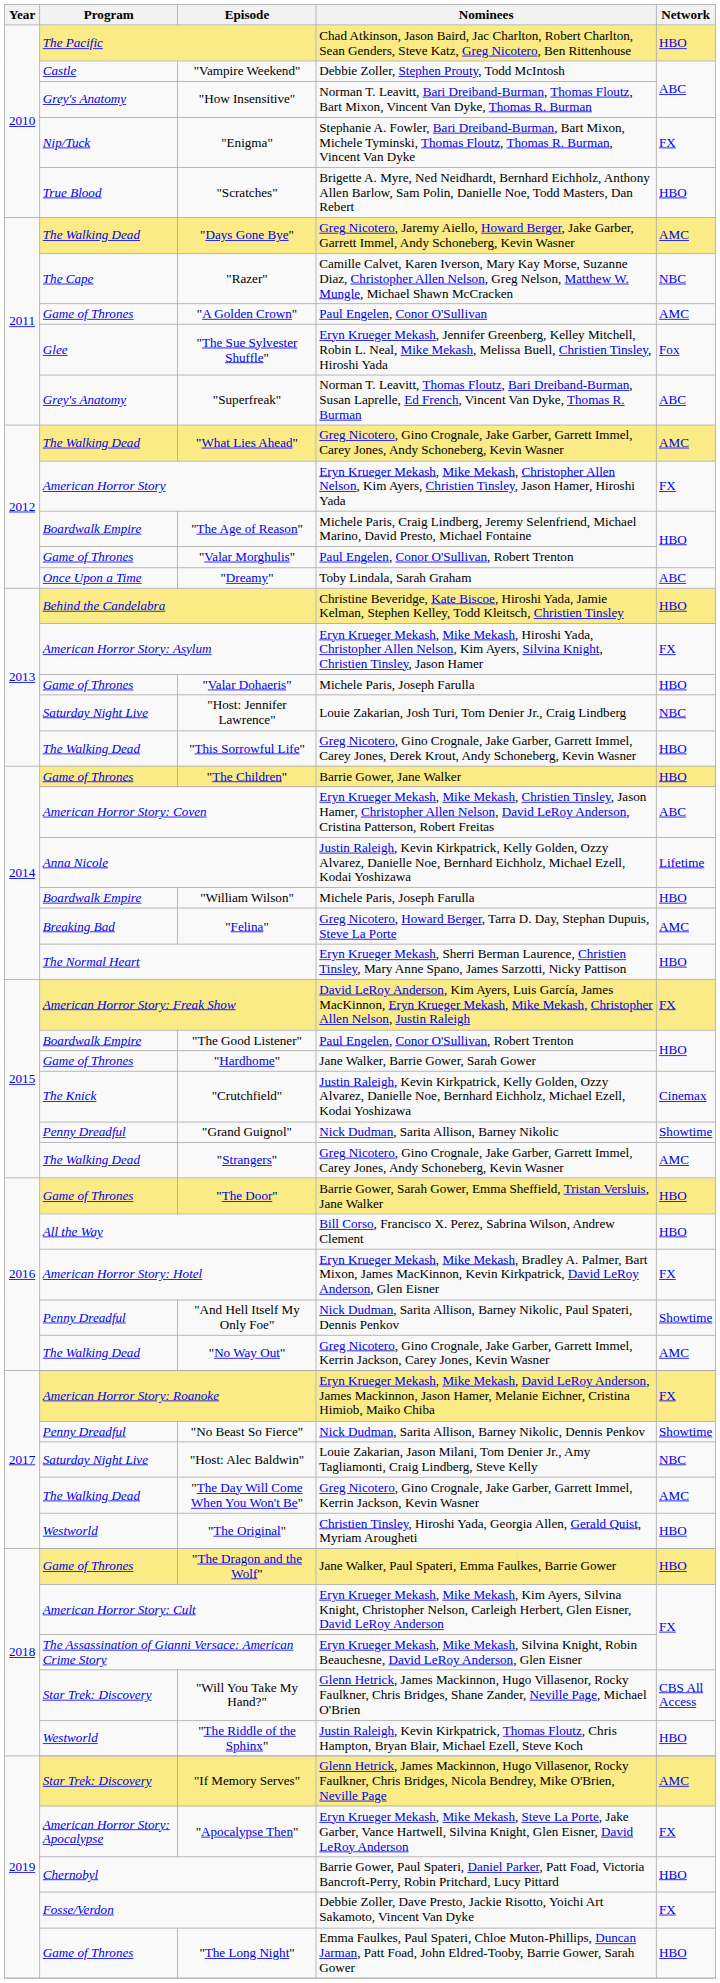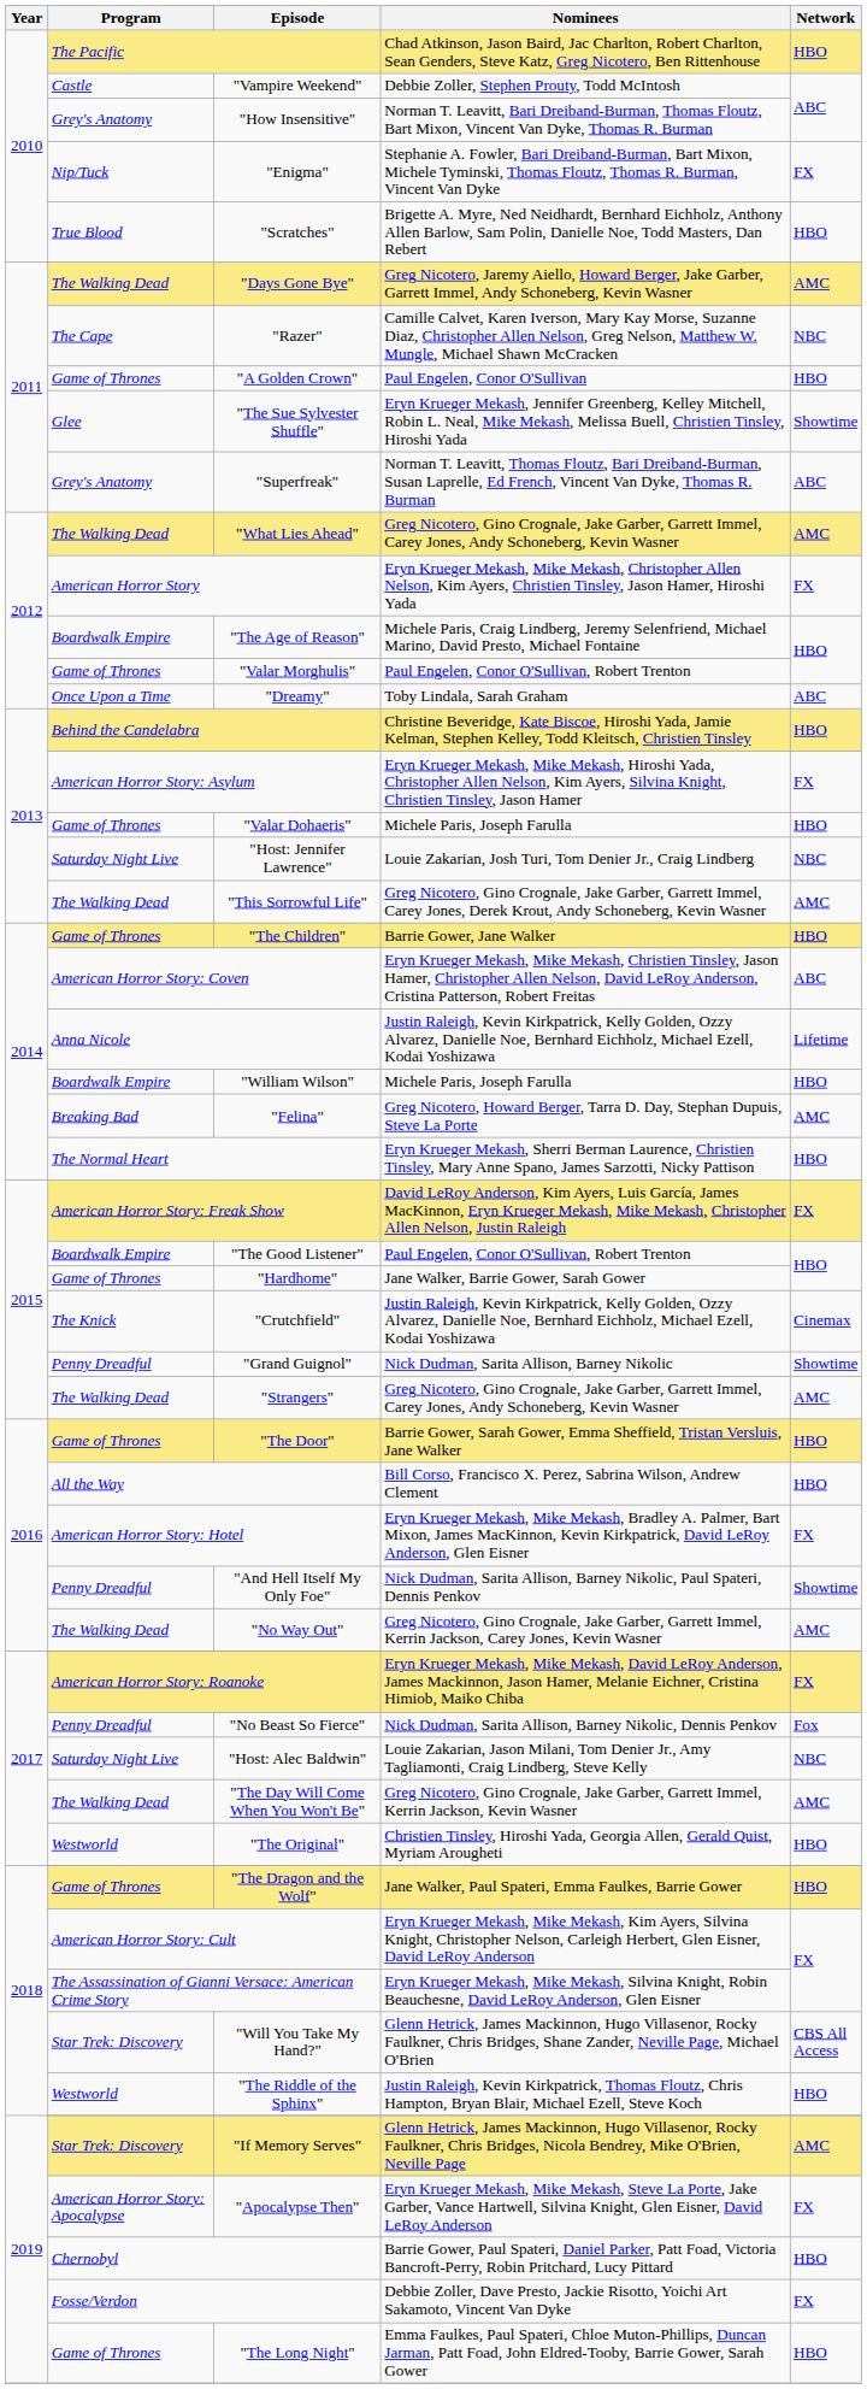 <table class="wikitable">
 <tr>
 <th width="5%">Year</th>
 <th width="20%">Program</th>
 <th width="20%">Episode</th>
 <th width="50%">Nominees</th>
 <th width="5%">Network</th>
 </tr>
 <tr>
 <td rowspan=5 style="text-align:center"><a href='#'>2010</a><br></td>
 <td style="background:#FAEB86;" colspan=2><em><a href='#'>The Pacific</a></em></td>
 <td style="background:#FAEB86;">Chad Atkinson, Jason Baird, Jac Charlton, Robert Charlton, Sean Genders, Steve Katz, <a href='#'>Greg Nicotero</a>, Ben Rittenhouse</td>
 <td style="background:#FAEB86;"><a href='#'>HBO</a></td>
 </tr>
 <tr>
 <td><em><a href='#'>Castle</a></em></td>
 <td align=center>"Vampire Weekend"</td>
 <td>Debbie Zoller, <a href='#'>Stephen Prouty</a>, Todd McIntosh</td>
 <td rowspan=2><a href='#'>ABC</a></td>
 </tr>
 <tr>
 <td><em><a href='#'>Grey's Anatomy</a></em></td>
 <td align=center>"How Insensitive"</td>
 <td>Norman T. Leavitt, <a href='#'>Bari Dreiband-Burman</a>, <a href='#'>Thomas Floutz</a>, Bart Mixon, Vincent Van Dyke, <a href='#'>Thomas R. Burman</a></td>
 </tr>
 <tr>
 <td><em><a href='#'>Nip/Tuck</a></em></td>
 <td align=center>"Enigma"</td>
 <td>Stephanie A. Fowler, <a href='#'>Bari Dreiband-Burman</a>, Bart Mixon, Michele Tyminski, <a href='#'>Thomas Floutz</a>, <a href='#'>Thomas R. Burman</a>, Vincent Van Dyke</td>
 <td><a href='#'>FX</a></td>
 </tr>
 <tr>
 <td><em><a href='#'>True Blood</a></em></td>
 <td align=center>"Scratches"</td>
 <td>Brigette A. Myre, Ned Neidhardt, Bernhard Eichholz, Anthony Allen Barlow, Sam Polin, Danielle Noe, Todd Masters, Dan Rebert</td>
 <td><a href='#'>HBO</a></td>
 </tr>
 <tr>
 <td rowspan="5" style="text-align:center;"><a href='#'>2011</a><br></td>
 <td style="background:#FAEB86;"><em><a href='#'>The Walking Dead</a></em></td>
 <td style="background:#FAEB86;" align=center>"<a href='#'>Days Gone Bye</a>"</td>
 <td style="background:#FAEB86;"><a href='#'>Greg Nicotero</a>, Jaremy Aiello, <a href='#'>Howard Berger</a>, Jake Garber, Garrett Immel, Andy Schoneberg, Kevin Wasner</td>
 <td style="background:#FAEB86;"><a href='#'>AMC</a></td>
 </tr>
 <tr>
 <td><em><a href='#'>The Cape</a></em></td>
 <td align=center>"Razer"</td>
 <td>Camille Calvet, Karen Iverson, Mary Kay Morse, Suzanne Diaz, <a href='#'>Christopher Allen Nelson</a>, Greg Nelson, <a href='#'>Matthew W. Mungle</a>, Michael Shawn McCracken</td>
 <td><a href='#'>NBC</a></td>
 </tr>
 <tr>
 <td><em><a href='#'>Game of Thrones</a></em></td>
 <td align=center>"<a href='#'>A Golden Crown</a>"</td>
 <td><a href='#'>Paul Engelen</a>, <a href='#'>Conor O'Sullivan</a></td>
-<td><a href='#'>AMC</a></td>
+<td><a href='#'>HBO</a></td>
 </tr>
 <tr>
 <td><em><a href='#'>Glee</a></em></td>
 <td align=center>"<a href='#'>The Sue Sylvester Shuffle</a>"</td>
 <td><a href='#'>Eryn Krueger Mekash</a>, Jennifer Greenberg, Kelley Mitchell, Robin L. Neal, <a href='#'>Mike Mekash</a>, Melissa Buell, <a href='#'>Christien Tinsley</a>, Hiroshi Yada</td>
-<td><a href='#'>Fox</a></td>
+<td><a href='#'>Showtime</a></td>
 </tr>
 <tr>
 <td><em><a href='#'>Grey's Anatomy</a></em></td>
 <td align=center>"Superfreak"</td>
 <td>Norman T. Leavitt, <a href='#'>Thomas Floutz</a>, <a href='#'>Bari Dreiband-Burman</a>, Susan Laprelle, <a href='#'>Ed French</a>, Vincent Van Dyke, <a href='#'>Thomas R. Burman</a></td>
 <td><a href='#'>ABC</a></td>
 </tr>
 <tr>
 <td rowspan="5" style="text-align:center;"><a href='#'>2012</a><br></td>
 <td style="background:#FAEB86;"><em><a href='#'>The Walking Dead</a></em></td>
 <td style="background:#FAEB86;" align=center>"<a href='#'>What Lies Ahead</a>"</td>
 <td style="background:#FAEB86;"><a href='#'>Greg Nicotero</a>, Gino Crognale, Jake Garber, Garrett Immel, Carey Jones, Andy Schoneberg, Kevin Wasner</td>
 <td style="background:#FAEB86;"><a href='#'>AMC</a></td>
 </tr>
 <tr>
 <td colspan=2><em><a href='#'>American Horror Story</a></em></td>
 <td><a href='#'>Eryn Krueger Mekash</a>, <a href='#'>Mike Mekash</a>, <a href='#'>Christopher Allen Nelson</a>, Kim Ayers, <a href='#'>Christien Tinsley</a>, Jason Hamer, Hiroshi Yada</td>
 <td><a href='#'>FX</a></td>
 </tr>
 <tr>
 <td><em><a href='#'>Boardwalk Empire</a></em></td>
 <td align=center>"<a href='#'>The Age of Reason</a>"</td>
 <td>Michele Paris, Craig Lindberg, Jeremy Selenfriend, Michael Marino, David Presto, Michael Fontaine</td>
 <td rowspan=2><a href='#'>HBO</a></td>
 </tr>
 <tr>
 <td><em><a href='#'>Game of Thrones</a></em></td>
 <td align=center>"<a href='#'>Valar Morghulis</a>"</td>
 <td><a href='#'>Paul Engelen</a>, <a href='#'>Conor O'Sullivan</a>, Robert Trenton</td>
 </tr>
 <tr>
 <td><em><a href='#'>Once Upon a Time</a></em></td>
 <td align=center>"<a href='#'>Dreamy</a>"</td>
 <td>Toby Lindala, Sarah Graham</td>
 <td><a href='#'>ABC</a></td>
 </tr>
 <tr>
 <td rowspan="5" style="text-align:center;"><a href='#'>2013</a><br></td>
 <td style="background:#FAEB86;" colspan=2><em><a href='#'>Behind the Candelabra</a></em></td>
 <td style="background:#FAEB86;">Christine Beveridge, <a href='#'>Kate Biscoe</a>, Hiroshi Yada, Jamie Kelman, Stephen Kelley, Todd Kleitsch, <a href='#'>Christien Tinsley</a></td>
 <td style="background:#FAEB86;"><a href='#'>HBO</a></td>
 </tr>
 <tr>
 <td colspan=2><em><a href='#'>American Horror Story: Asylum</a></em></td>
 <td><a href='#'>Eryn Krueger Mekash</a>, <a href='#'>Mike Mekash</a>, Hiroshi Yada, <a href='#'>Christopher Allen Nelson</a>, Kim Ayers, <a href='#'>Silvina Knight</a>, <a href='#'>Christien Tinsley</a>, Jason Hamer</td>
 <td><a href='#'>FX</a></td>
 </tr>
 <tr>
 <td><em><a href='#'>Game of Thrones</a></em></td>
 <td align=center>"<a href='#'>Valar Dohaeris</a>"</td>
 <td>Michele Paris, Joseph Farulla</td>
 <td><a href='#'>HBO</a></td>
 </tr>
 <tr>
 <td><em><a href='#'>Saturday Night Live</a></em></td>
 <td align=center>"Host: Jennifer Lawrence"</td>
 <td>Louie Zakarian, Josh Turi, Tom Denier Jr., Craig Lindberg</td>
 <td><a href='#'>NBC</a></td>
 </tr>
 <tr>
 <td><em><a href='#'>The Walking Dead</a></em></td>
 <td align=center>"<a href='#'>This Sorrowful Life</a>"</td>
 <td><a href='#'>Greg Nicotero</a>, Gino Crognale, Jake Garber, Garrett Immel, Carey Jones, Derek Krout, Andy Schoneberg, Kevin Wasner</td>
-<td><a href='#'>HBO</a></td>
+<td><a href='#'>AMC</a></td>
 </tr>
 <tr>
 <td rowspan="6" style="text-align:center;"><a href='#'>2014</a><br></td>
 <td style="background:#FAEB86;"><em><a href='#'>Game of Thrones</a></em></td>
 <td style="background:#FAEB86;" align=center>"<a href='#'>The Children</a>"</td>
 <td style="background:#FAEB86;">Barrie Gower, Jane Walker</td>
 <td style="background:#FAEB86;"><a href='#'>HBO</a></td>
 </tr>
 <tr>
 <td colspan=2><em><a href='#'>American Horror Story: Coven</a></em></td>
 <td><a href='#'>Eryn Krueger Mekash</a>, <a href='#'>Mike Mekash</a>, <a href='#'>Christien Tinsley</a>, Jason Hamer, <a href='#'>Christopher Allen Nelson</a>, <a href='#'>David LeRoy Anderson</a>, Cristina Patterson, Robert Freitas</td>
 <td><a href='#'>ABC</a></td>
 </tr>
 <tr>
 <td colspan=2><em><a href='#'>Anna Nicole</a></em></td>
 <td><a href='#'>Justin Raleigh</a>, Kevin Kirkpatrick, Kelly Golden, Ozzy Alvarez, Danielle Noe, Bernhard Eichholz, Michael Ezell, Kodai Yoshizawa</td>
 <td><a href='#'>Lifetime</a></td>
 </tr>
 <tr>
 <td><em><a href='#'>Boardwalk Empire</a></em></td>
 <td align=center>"William Wilson"</td>
 <td>Michele Paris, Joseph Farulla</td>
 <td><a href='#'>HBO</a></td>
 </tr>
 <tr>
 <td><em><a href='#'>Breaking Bad</a></em></td>
 <td align=center>"<a href='#'>Felina</a>"</td>
 <td><a href='#'>Greg Nicotero</a>, <a href='#'>Howard Berger</a>, Tarra D. Day, Stephan Dupuis, <a href='#'>Steve La Porte</a></td>
 <td><a href='#'>AMC</a></td>
 </tr>
 <tr>
 <td colspan=2><em><a href='#'>The Normal Heart</a></em></td>
 <td><a href='#'>Eryn Krueger Mekash</a>, Sherri Berman Laurence, <a href='#'>Christien Tinsley</a>, Mary Anne Spano, James Sarzotti, Nicky Pattison</td>
 <td><a href='#'>HBO</a></td>
 </tr>
 <tr>
 <td rowspan="6" style="text-align:center;"><a href='#'>2015</a><br></td>
 <td style="background:#FAEB86;" colspan=2><em><a href='#'>American Horror Story: Freak Show</a></em></td>
 <td style="background:#FAEB86;"><a href='#'>David LeRoy Anderson</a>, Kim Ayers, Luis García, James MacKinnon, <a href='#'>Eryn Krueger Mekash</a>, <a href='#'>Mike Mekash</a>, <a href='#'>Christopher Allen Nelson</a>, <a href='#'>Justin Raleigh</a></td>
 <td style="background:#FAEB86;"><a href='#'>FX</a></td>
 </tr>
 <tr>
 <td><em><a href='#'>Boardwalk Empire</a></em></td>
 <td align=center>"The Good Listener"</td>
 <td><a href='#'>Paul Engelen</a>, <a href='#'>Conor O'Sullivan</a>, Robert Trenton</td>
 <td rowspan=2><a href='#'>HBO</a></td>
 </tr>
 <tr>
 <td><em><a href='#'>Game of Thrones</a></em></td>
 <td align=center>"<a href='#'>Hardhome</a>"</td>
 <td>Jane Walker, Barrie Gower, Sarah Gower</td>
 </tr>
 <tr>
 <td><em><a href='#'>The Knick</a></em></td>
 <td align=center>"Crutchfield"</td>
 <td><a href='#'>Justin Raleigh</a>, Kevin Kirkpatrick, Kelly Golden, Ozzy Alvarez, Danielle Noe, Bernhard Eichholz, Michael Ezell, Kodai Yoshizawa</td>
 <td><a href='#'>Cinemax</a></td>
 </tr>
 <tr>
 <td><em><a href='#'>Penny Dreadful</a></em></td>
 <td align=center>"Grand Guignol"</td>
 <td><a href='#'>Nick Dudman</a>, Sarita Allison, Barney Nikolic</td>
 <td><a href='#'>Showtime</a></td>
 </tr>
 <tr>
 <td><em><a href='#'>The Walking Dead</a></em></td>
 <td align=center>"<a href='#'>Strangers</a>"</td>
 <td><a href='#'>Greg Nicotero</a>, Gino Crognale, Jake Garber, Garrett Immel, Carey Jones, Andy Schoneberg, Kevin Wasner</td>
 <td><a href='#'>AMC</a></td>
 </tr>
 <tr>
 <td rowspan="5" style="text-align:center;"><a href='#'>2016</a><br></td>
 <td style="background:#FAEB86;"><em><a href='#'>Game of Thrones</a></em></td>
 <td style="background:#FAEB86;" align=center>"<a href='#'>The Door</a>"</td>
 <td style="background:#FAEB86;">Barrie Gower, Sarah Gower, Emma Sheffield, <a href='#'>Tristan Versluis</a>, Jane Walker</td>
 <td style="background:#FAEB86;"><a href='#'>HBO</a></td>
 </tr>
 <tr>
 <td colspan=2><em><a href='#'>All the Way</a></em></td>
 <td><a href='#'>Bill Corso</a>, Francisco X. Perez, Sabrina Wilson, Andrew Clement</td>
 <td><a href='#'>HBO</a></td>
 </tr>
 <tr>
 <td colspan=2><em><a href='#'>American Horror Story: Hotel</a></em></td>
 <td><a href='#'>Eryn Krueger Mekash</a>, <a href='#'>Mike Mekash</a>, Bradley A. Palmer, Bart Mixon, James MacKinnon, Kevin Kirkpatrick, <a href='#'>David LeRoy Anderson</a>, Glen Eisner</td>
 <td><a href='#'>FX</a></td>
 </tr>
 <tr>
 <td><em><a href='#'>Penny Dreadful</a></em></td>
 <td align=center>"And Hell Itself My Only Foe"</td>
 <td><a href='#'>Nick Dudman</a>, Sarita Allison, Barney Nikolic, Paul Spateri, Dennis Penkov</td>
 <td><a href='#'>Showtime</a></td>
 </tr>
 <tr>
 <td><em><a href='#'>The Walking Dead</a></em></td>
 <td align=center>"<a href='#'>No Way Out</a>"</td>
 <td><a href='#'>Greg Nicotero</a>, Gino Crognale, Jake Garber, Garrett Immel, Kerrin Jackson, Carey Jones, Kevin Wasner</td>
 <td><a href='#'>AMC</a></td>
 </tr>
 <tr>
 <td rowspan="6" style="text-align:center;"><a href='#'>2017</a><br></td>
 </tr>
 <tr>
 <td style="background:#FAEB86;" colspan=2><em><a href='#'>American Horror Story: Roanoke</a></em></td>
 <td style="background:#FAEB86;"><a href='#'>Eryn Krueger Mekash</a>, <a href='#'>Mike Mekash</a>, <a href='#'>David LeRoy Anderson</a>, James Mackinnon, Jason Hamer, Melanie Eichner, Cristina Himiob, Maiko Chiba</td>
 <td style="background:#FAEB86;"><a href='#'>FX</a></td>
 </tr>
 <tr>
 <td><em><a href='#'>Penny Dreadful</a></em></td>
 <td align=center>"No Beast So Fierce"</td>
 <td><a href='#'>Nick Dudman</a>, Sarita Allison, Barney Nikolic, Dennis Penkov</td>
-<td><a href='#'>Showtime</a></td>
+<td><a href='#'>Fox</a></td>
 </tr>
 <tr>
 <td><em><a href='#'>Saturday Night Live</a></em></td>
 <td align=center>"Host: Alec Baldwin"</td>
 <td>Louie Zakarian, Jason Milani, Tom Denier Jr., Amy Tagliamonti, Craig Lindberg, Steve Kelly</td>
 <td><a href='#'>NBC</a></td>
 </tr>
 <tr>
 <td><em><a href='#'>The Walking Dead</a></em></td>
 <td align=center>"<a href='#'>The Day Will Come When You Won't Be</a>"</td>
 <td><a href='#'>Greg Nicotero</a>, Gino Crognale, Jake Garber, Garrett Immel, Kerrin Jackson, Kevin Wasner</td>
 <td><a href='#'>AMC</a></td>
 </tr>
 <tr>
 <td><em><a href='#'>Westworld</a></em></td>
 <td align=center>"<a href='#'>The Original</a>"</td>
 <td><a href='#'>Christien Tinsley</a>, Hiroshi Yada, Georgia Allen, <a href='#'>Gerald Quist</a>, Myriam Arougheti</td>
 <td><a href='#'>HBO</a></td>
 </tr>
 <tr>
 <td rowspan="6" style="text-align:center;"><a href='#'>2018</a><br></td>
 </tr>
 <tr style="background:#FAEB86;">
 <td><em><a href='#'>Game of Thrones</a></em></td>
 <td align=center>"<a href='#'>The Dragon and the Wolf</a>"</td>
 <td>Jane Walker, Paul Spateri, Emma Faulkes, Barrie Gower</td>
 <td><a href='#'>HBO</a></td>
 </tr>
 <tr>
 <td colspan=2><em><a href='#'>American Horror Story: Cult</a></em></td>
 <td><a href='#'>Eryn Krueger Mekash</a>, <a href='#'>Mike Mekash</a>, Kim Ayers, Silvina Knight, Christopher Nelson, Carleigh Herbert, Glen Eisner, <a href='#'>David LeRoy Anderson</a></td>
 <td rowspan=2><a href='#'>FX</a></td>
 </tr>
 <tr>
 <td colspan=2><em><a href='#'>The Assassination of Gianni Versace: American Crime Story</a></em></td>
 <td><a href='#'>Eryn Krueger Mekash</a>, <a href='#'>Mike Mekash</a>, Silvina Knight, Robin Beauchesne, <a href='#'>David LeRoy Anderson</a>, Glen Eisner</td>
 </tr>
 <tr>
 <td><em><a href='#'>Star Trek: Discovery</a></em></td>
 <td align=center>"Will You Take My Hand?"</td>
 <td><a href='#'>Glenn Hetrick</a>, James Mackinnon, Hugo Villasenor, Rocky Faulkner, Chris Bridges, Shane Zander, <a href='#'>Neville Page</a>, Michael O'Brien</td>
 <td><a href='#'>CBS All Access</a></td>
 </tr>
 <tr>
 <td><em><a href='#'>Westworld</a></em></td>
 <td align=center>"<a href='#'>The Riddle of the Sphinx</a>"</td>
 <td><a href='#'>Justin Raleigh</a>, Kevin Kirkpatrick, <a href='#'>Thomas Floutz</a>, Chris Hampton, Bryan Blair, Michael Ezell, Steve Koch</td>
 <td><a href='#'>HBO</a></td>
 </tr>
 <tr>
 <td rowspan="6" style="text-align:center;"><a href='#'>2019</a><br></td>
 </tr>
 <tr style="background:#FAEB86;">
 <td><em><a href='#'>Star Trek: Discovery</a></em></td>
 <td align=center>"If Memory Serves"</td>
 <td><a href='#'>Glenn Hetrick</a>, James Mackinnon, Hugo Villasenor, Rocky Faulkner, Chris Bridges, Nicola Bendrey, Mike O'Brien, <a href='#'>Neville Page</a></td>
 <td><a href='#'>AMC</a></td>
 </tr>
 <tr>
 <td><em><a href='#'>American Horror Story: Apocalypse</a></em></td>
 <td align=center>"<a href='#'>Apocalypse Then</a>"</td>
 <td><a href='#'>Eryn Krueger Mekash</a>, <a href='#'>Mike Mekash</a>, <a href='#'>Steve La Porte</a>, Jake Garber, Vance Hartwell, Silvina Knight, Glen Eisner, <a href='#'>David LeRoy Anderson</a></td>
 <td><a href='#'>FX</a></td>
 </tr>
 <tr>
 <td colspan=2><em><a href='#'>Chernobyl</a></em></td>
 <td>Barrie Gower, Paul Spateri, <a href='#'>Daniel Parker</a>, Patt Foad, Victoria Bancroft-Perry, Robin Pritchard, Lucy Pittard</td>
 <td><a href='#'>HBO</a></td>
 </tr>
 <tr>
 <td colspan=2><em><a href='#'>Fosse/Verdon</a></em></td>
 <td>Debbie Zoller, Dave Presto, Jackie Risotto, Yoichi Art Sakamoto, Vincent Van Dyke</td>
 <td><a href='#'>FX</a></td>
 </tr>
 <tr>
 <td><em><a href='#'>Game of Thrones</a></em></td>
 <td align=center>"<a href='#'>The Long Night</a>"</td>
 <td>Emma Faulkes, Paul Spateri, Chloe Muton-Phillips, <a href='#'>Duncan Jarman</a>, Patt Foad, John Eldred-Tooby, Barrie Gower, Sarah Gower</td>
 <td><a href='#'>HBO</a></td>
 </tr>
 <tr>
 </tr>
 </table>
